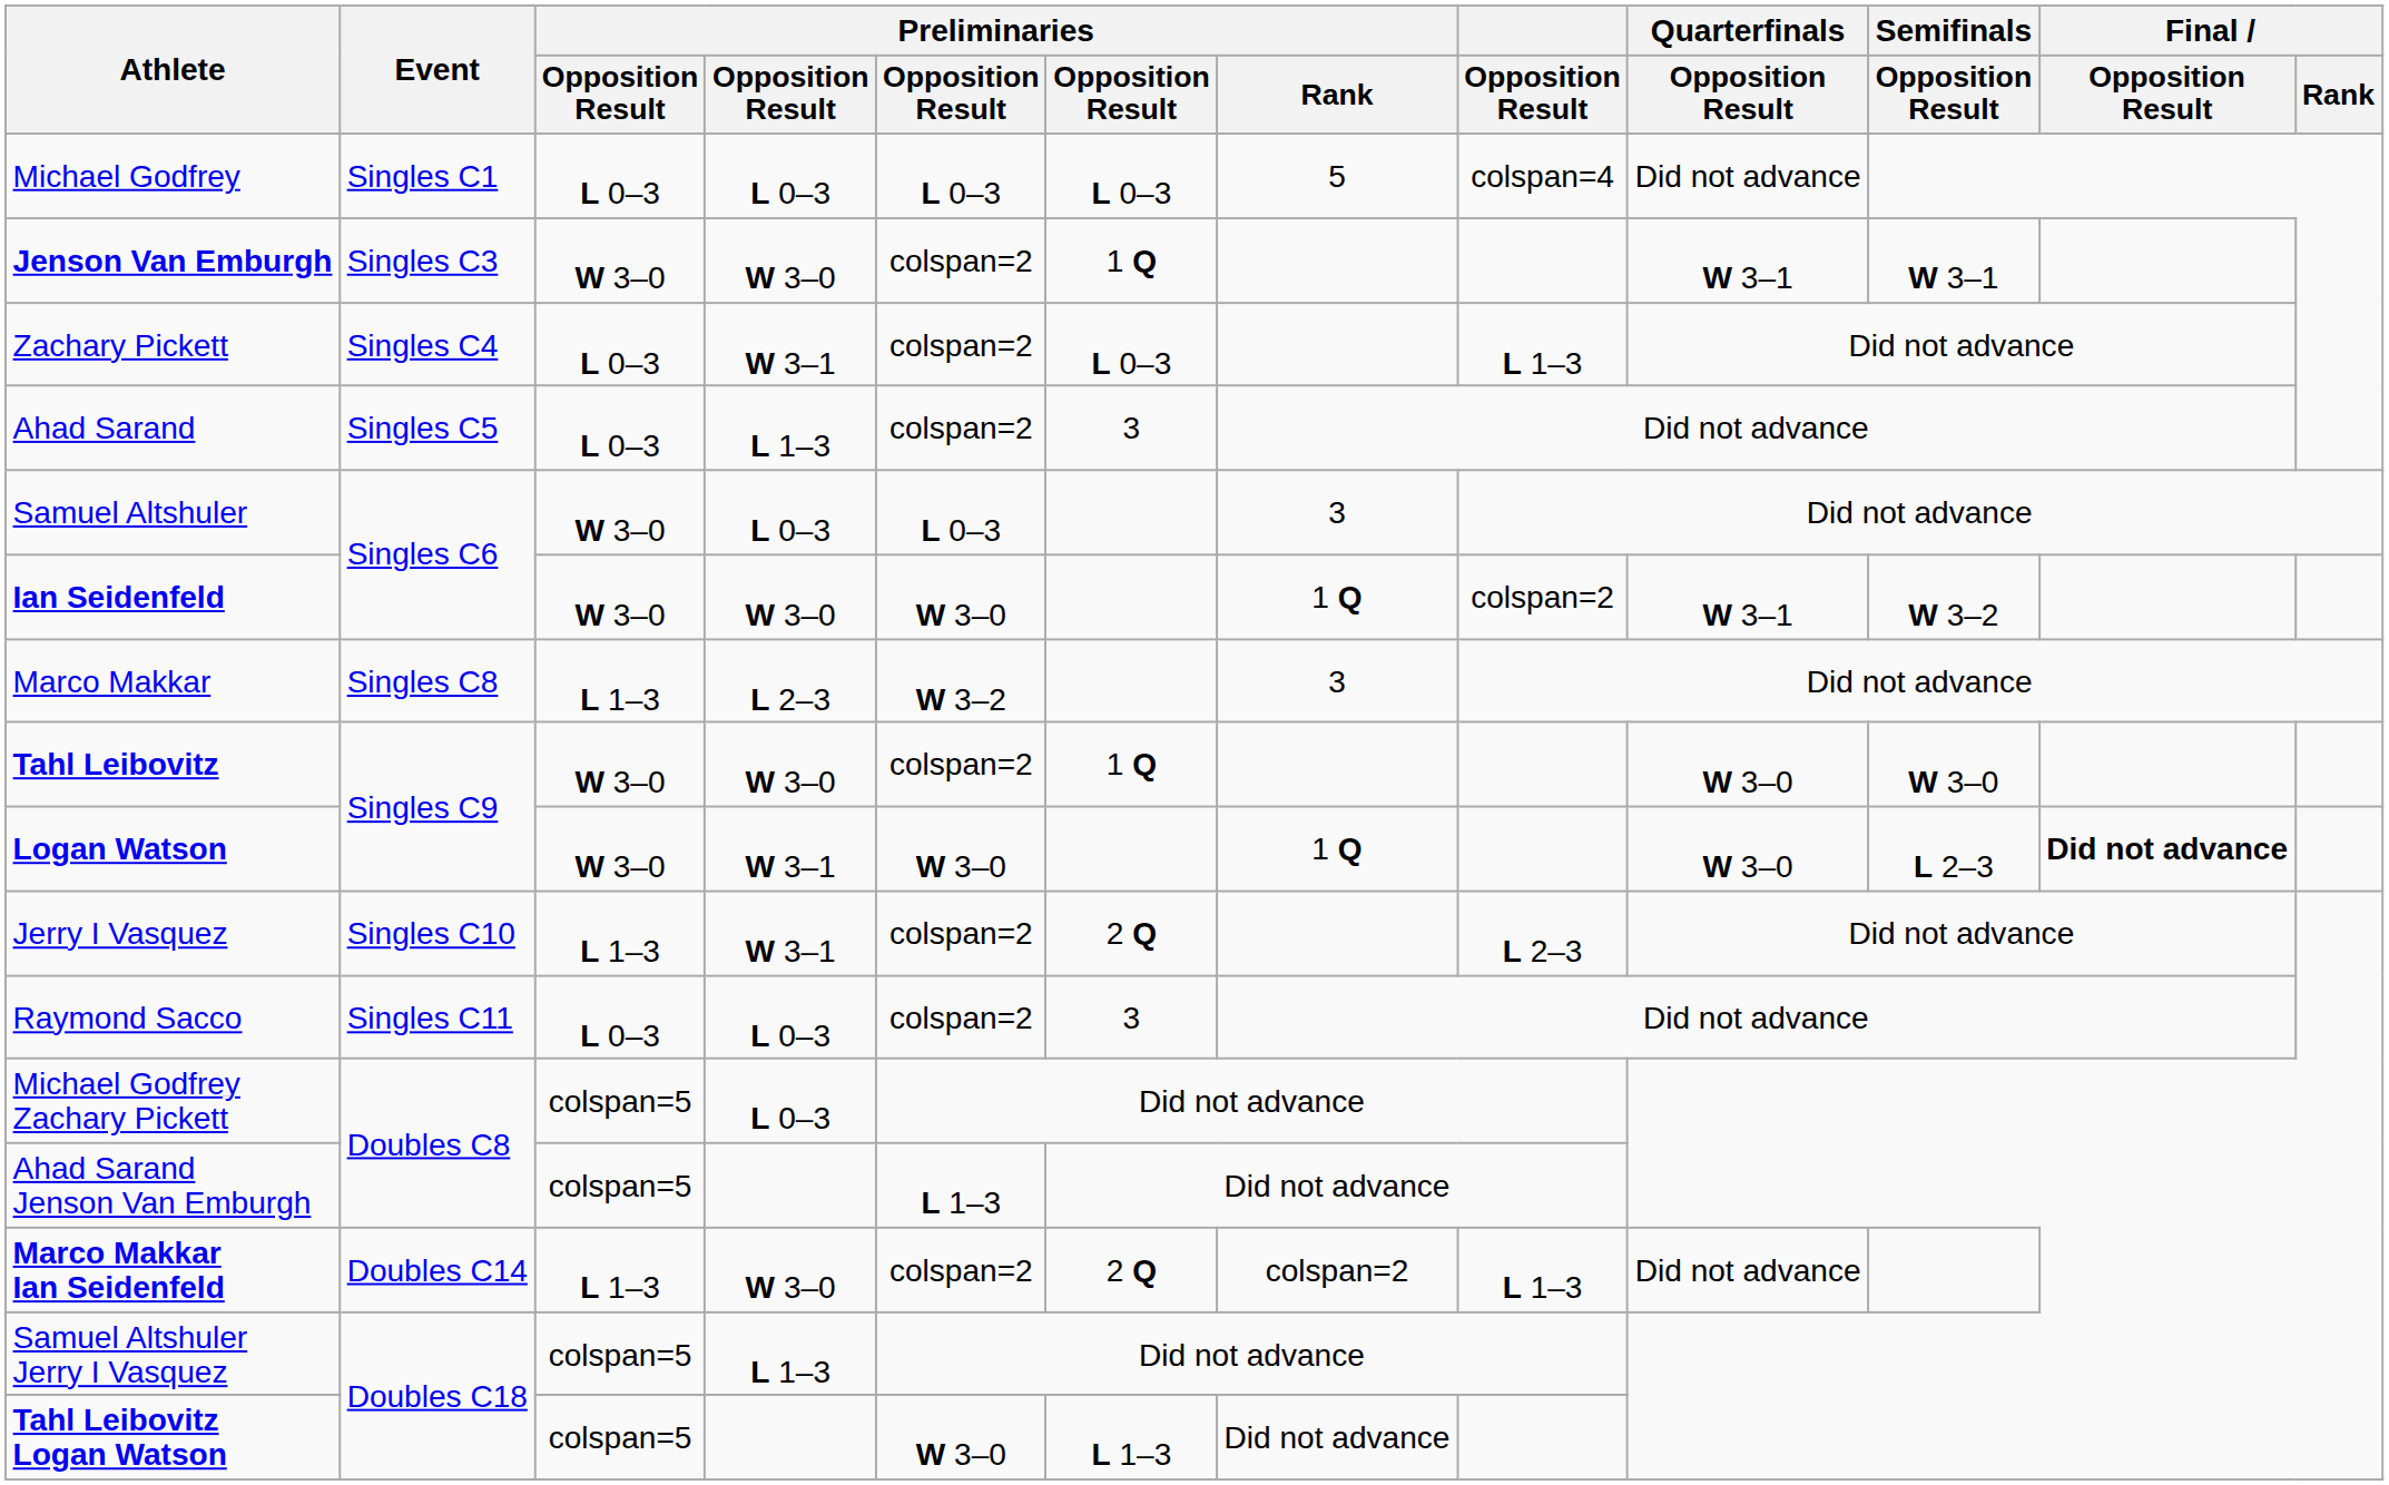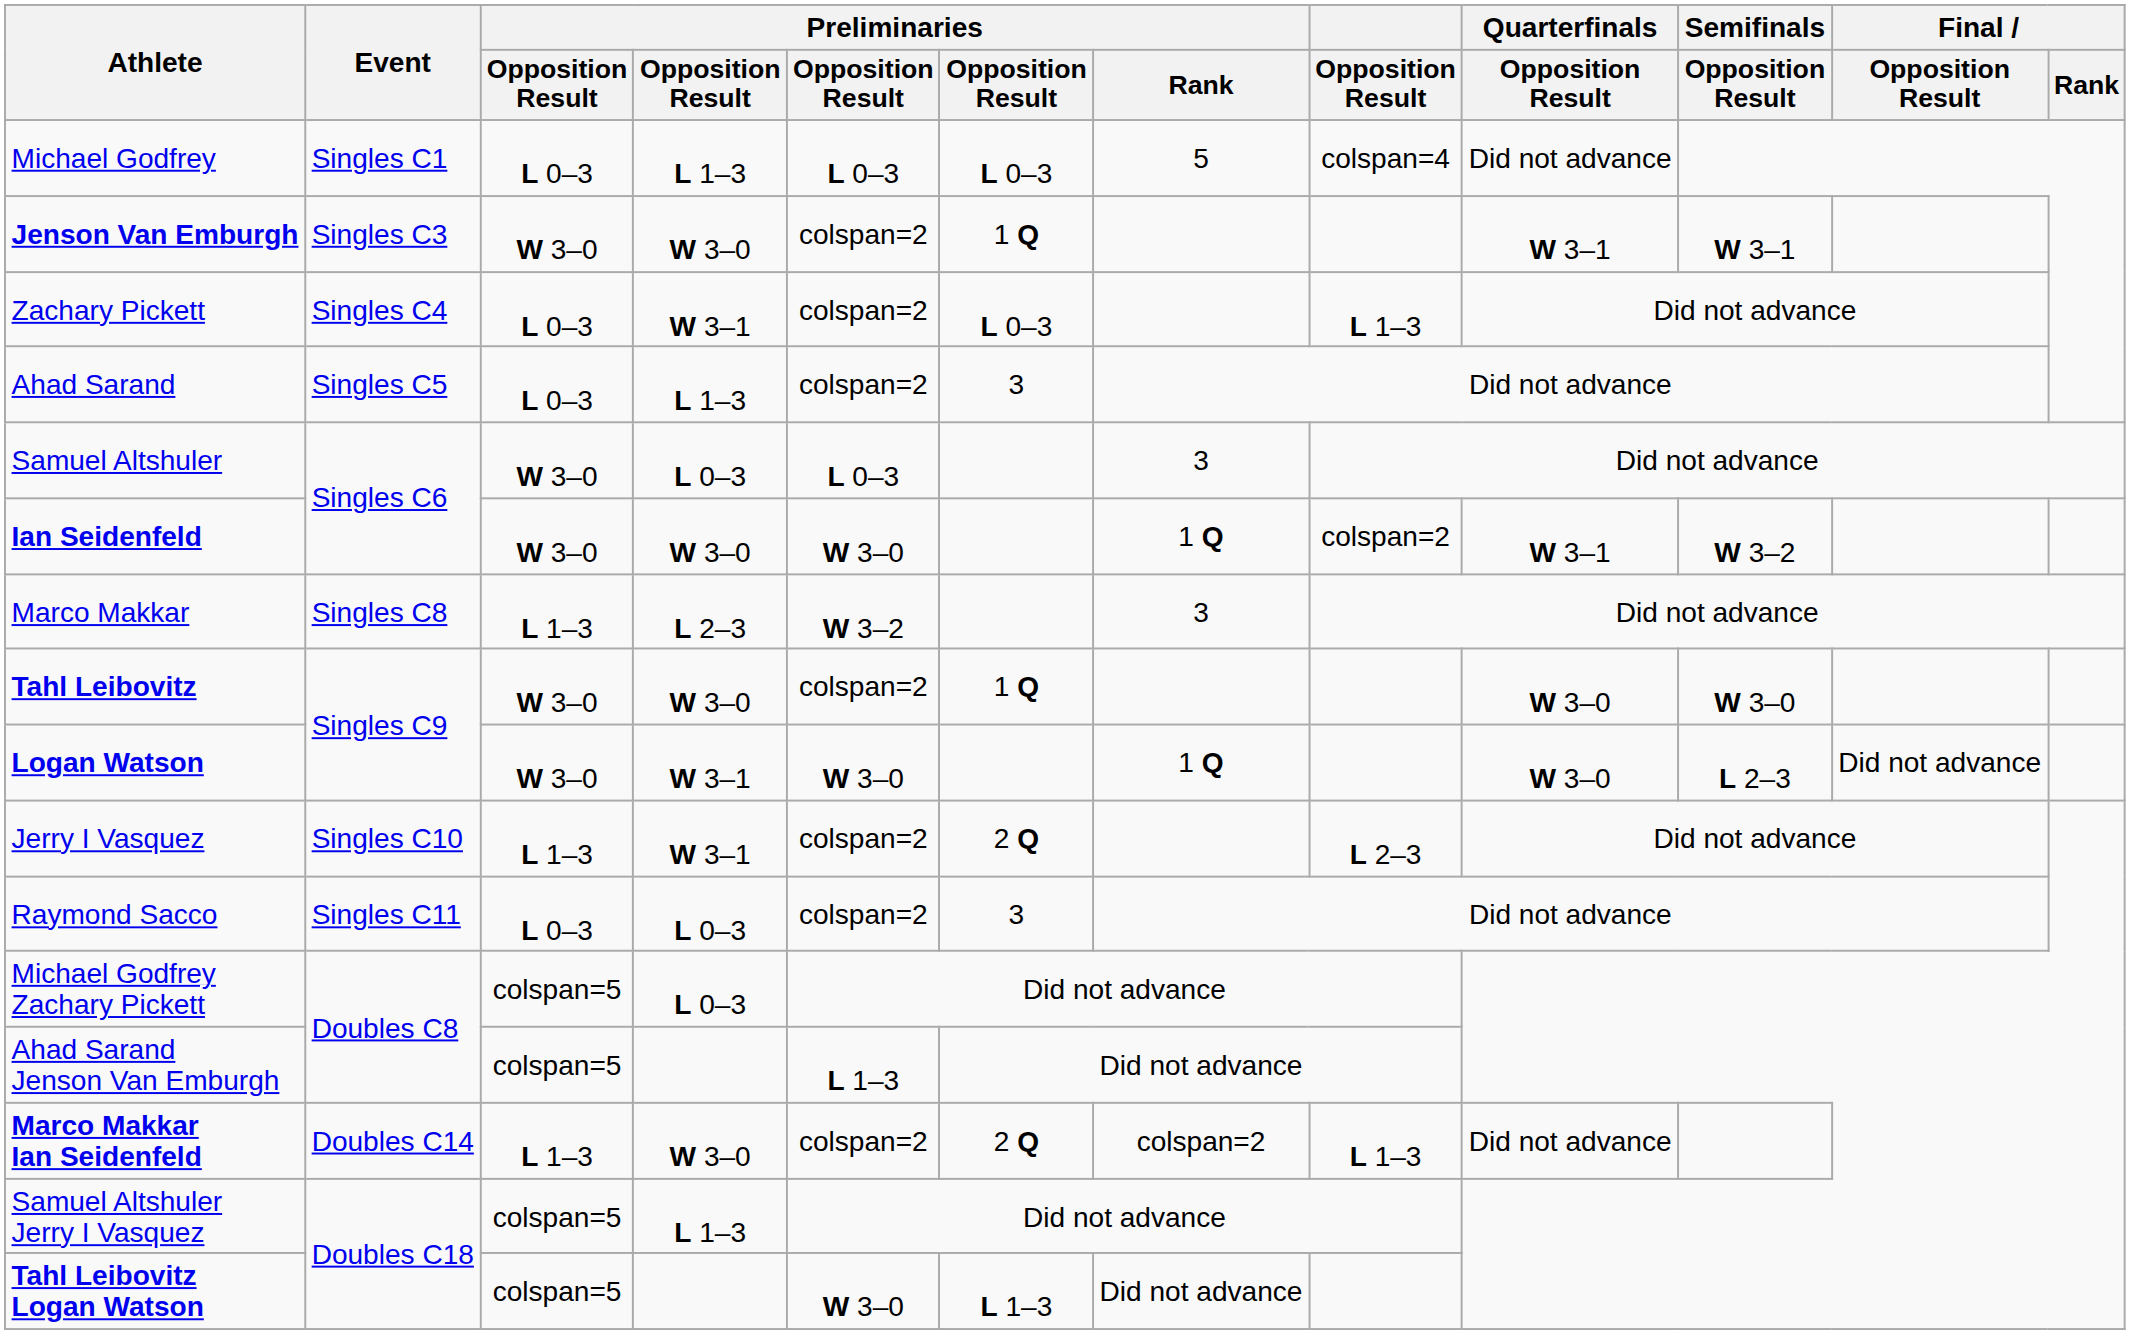 <table class=wikitable style="font-size:90%">
 <tr>
 <th rowspan="2">Athlete</th>
 <th rowspan="2">Event</th>
 <th colspan="5">Preliminaries</th>
 <th></th>
 <th>Quarterfinals</th>
 <th>Semifinals</th>
 <th colspan="2">Final / </th>
 </tr>
 <tr style="font-size:95%">
 <th>Opposition<br>Result</th>
 <th>Opposition<br>Result</th>
 <th>Opposition<br>Result</th>
 <th>Opposition<br>Result</th>
 <th>Rank</th>
 <th>Opposition<br>Result</th>
 <th>Opposition<br>Result</th>
 <th>Opposition<br>Result</th>
 <th>Opposition<br>Result</th>
 <th>Rank</th>
 </tr>
 <tr align=center>
 <td align=left><a href='#'>Michael Godfrey</a></td>
 <td align=left><a href='#'>Singles C1</a></td>
 <td><br><strong>L</strong> 0–3</td>
-<td><br><strong>L</strong> 0–3</td>
+<td><br><strong>L</strong> 1–3</td>
 <td><br><strong>L</strong> 0–3</td>
 <td><br><strong>L</strong> 0–3</td>
 <td>5</td>
 <td>colspan=4 </td>
 <td>Did not advance</td>
 </tr>
 <tr align=center>
 <td align=left><strong><a href='#'>Jenson Van Emburgh</a></strong></td>
 <td align=left><a href='#'>Singles C3</a></td>
 <td><br><strong>W</strong> 3–0</td>
 <td><br><strong>W</strong> 3–0</td>
 <td>colspan=2 </td>
 <td>1 <strong>Q</strong></td>
 <td></td>
 <td></td>
 <td><br><strong>W</strong> 3–1</td>
 <td><br><strong>W</strong> 3–1</td>
 <td></td>
 </tr>
 <tr align=center>
 <td align=left><a href='#'>Zachary Pickett</a></td>
 <td align=left><a href='#'>Singles C4</a></td>
 <td><br><strong>L</strong> 0–3</td>
 <td><br><strong>W</strong> 3–1</td>
 <td>colspan=2 </td>
 <td><br><strong>L</strong> 0–3</td>
 <td></td>
 <td><br><strong>L</strong> 1–3</td>
 <td colspan=3>Did not advance</td>
 </tr>
 <tr align=center>
 <td align=left><a href='#'>Ahad Sarand</a></td>
 <td align=left><a href='#'>Singles C5</a></td>
 <td><br><strong>L</strong> 0–3</td>
 <td><br><strong>L</strong> 1–3</td>
 <td>colspan=2 </td>
 <td>3</td>
 <td colspan=5>Did not advance</td>
 </tr>
 <tr align=center>
 <td align=left><a href='#'>Samuel Altshuler</a></td>
 <td align=left rowspan=2><a href='#'>Singles C6</a></td>
 <td><br><strong>W</strong> 3–0</td>
 <td><br><strong>L</strong> 0–3</td>
 <td><br><strong>L</strong> 0–3</td>
 <td></td>
 <td>3</td>
 <td colspan=5>Did not advance</td>
 </tr>
 <tr align=center>
 <td align=left><strong><a href='#'>Ian Seidenfeld</a></strong></td>
 <td><br><strong>W</strong> 3–0</td>
 <td><br><strong>W</strong> 3–0</td>
 <td><br><strong>W</strong> 3–0</td>
 <td></td>
 <td>1 <strong>Q</strong></td>
 <td>colspan=2 </td>
 <td><br><strong>W</strong> 3–1</td>
 <td><br><strong>W</strong> 3–2</td>
 <td></td>
 </tr>
 <tr align=center>
 <td align=left><a href='#'>Marco Makkar</a></td>
 <td align=left><a href='#'>Singles C8</a></td>
 <td><br><strong>L</strong> 1–3</td>
 <td><br><strong>L</strong> 2–3</td>
 <td><br><strong>W</strong> 3–2</td>
 <td></td>
 <td>3</td>
 <td colspan=5>Did not advance</td>
 </tr>
 <tr align=center>
 <td align=left><strong><a href='#'>Tahl Leibovitz</a></strong></td>
 <td align=left rowspan=2><a href='#'>Singles C9</a></td>
 <td><br><strong>W</strong> 3–0</td>
 <td><br><strong>W</strong> 3–0</td>
 <td>colspan=2 </td>
 <td>1 <strong>Q</strong></td>
 <td></td>
 <td></td>
 <td><br><strong>W</strong> 3–0</td>
 <td><br><strong>W</strong> 3–0</td>
 <td></td>
 </tr>
 <tr align=center>
 <td align=left><strong><a href='#'>Logan Watson</a></strong></td>
 <td><br><strong>W</strong> 3–0</td>
 <td><br><strong>W</strong> 3–1</td>
 <td><br><strong>W</strong> 3–0</td>
 <td></td>
 <td>1 <strong>Q</strong></td>
 <td></td>
 <td><br><strong>W</strong> 3–0</td>
 <td><br><strong>L</strong> 2–3</td>
-<td><strong>Did not advance</strong></td>
+<td>Did not advance</td>
 <td></td>
 </tr>
 <tr align=center>
 <td align=left><a href='#'>Jerry I Vasquez</a></td>
 <td align=left><a href='#'>Singles C10</a></td>
 <td><br><strong>L</strong> 1–3</td>
 <td><br><strong>W</strong> 3–1</td>
 <td>colspan=2 </td>
 <td>2 <strong>Q</strong></td>
 <td></td>
 <td><br><strong>L</strong> 2–3</td>
 <td colspan=3>Did not advance</td>
 </tr>
 <tr align=center>
 <td align=left><a href='#'>Raymond Sacco</a></td>
 <td align=left><a href='#'>Singles C11</a></td>
 <td><br><strong>L</strong> 0–3</td>
 <td><br><strong>L</strong> 0–3</td>
 <td>colspan=2 </td>
 <td>3</td>
 <td colspan=5>Did not advance</td>
 </tr>
 <tr align=center>
 <td align=left><a href='#'>Michael Godfrey</a><br><a href='#'>Zachary Pickett</a></td>
 <td align=left rowspan=2><a href='#'>Doubles C8</a></td>
 <td>colspan=5 </td>
 <td><br><strong>L</strong> 0–3</td>
 <td colspan=4>Did not advance</td>
 </tr>
 <tr align=center>
 <td align=left><a href='#'>Ahad Sarand</a><br><a href='#'>Jenson Van Emburgh</a></td>
 <td>colspan=5 </td>
 <td></td>
 <td><br><strong>L</strong> 1–3</td>
 <td colspan=3>Did not advance</td>
 </tr>
 <tr align=center>
 <td align=left><strong><a href='#'>Marco Makkar</a><br><a href='#'>Ian Seidenfeld</a></strong></td>
 <td align=left><a href='#'>Doubles C14</a></td>
 <td><br><strong>L</strong> 1–3</td>
 <td><br><strong>W</strong> 3–0</td>
 <td>colspan=2 </td>
 <td>2 <strong>Q</strong></td>
 <td>colspan=2 </td>
 <td><br><strong>L</strong> 1–3</td>
 <td>Did not advance</td>
 <td></td>
 </tr>
 <tr align=center>
 <td align=left><a href='#'>Samuel Altshuler</a><br><a href='#'>Jerry I Vasquez</a></td>
 <td align=left rowspan=2><a href='#'>Doubles C18</a></td>
 <td>colspan=5 </td>
 <td><br><strong>L</strong> 1–3</td>
 <td colspan=4>Did not advance</td>
 </tr>
 <tr align=center>
 <td align=left><strong><a href='#'>Tahl Leibovitz</a><br><a href='#'>Logan Watson</a></strong></td>
 <td>colspan=5 </td>
 <td></td>
 <td><br><strong>W</strong> 3–0</td>
 <td><br><strong>L</strong> 1–3</td>
 <td>Did not advance</td>
 <td></td>
 </tr>
 </table>
